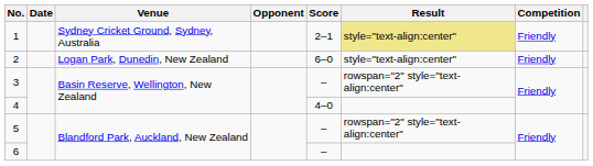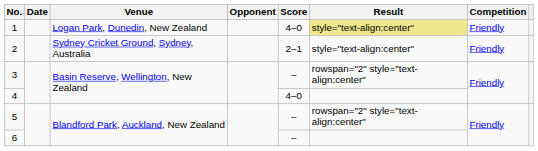 <table class="wikitable sortable">
 <tr>
 <th scope="col">No.</th>
 <th scope="col">Date</th>
 <th scope="col">Venue</th>
 <th scope="col">Opponent</th>
 <th scope="col">Score</th>
 <th scope="col">Result</th>
 <th scope="col">Competition</th>
 <th scope="col" class="unsortable"></th>
 </tr>
 <tr>
 <td style="text-align:center">1</td>
 <td></td>
-<td><a href='#'>Sydney Cricket Ground</a>, <a href='#'>Sydney</a>, Australia</td>
+<td><a href='#'>Logan Park</a>, <a href='#'>Dunedin</a>, New Zealand</td>
 <td></td>
-<td style="text-align:center">2–1</td>
+<td style="text-align:center">4–0</td>
 <td style="background: khaki;">style="text-align:center" </td>
 <td><a href='#'>Friendly</a></td>
 <td></td>
 </tr>
 <tr>
 <td style="text-align:center">2</td>
 <td></td>
-<td><a href='#'>Logan Park</a>, <a href='#'>Dunedin</a>, New Zealand</td>
+<td><a href='#'>Sydney Cricket Ground</a>, <a href='#'>Sydney</a>, Australia</td>
 <td></td>
-<td style="text-align:center">6–0</td>
+<td style="text-align:center">2–1</td>
 <td>style="text-align:center" </td>
 <td><a href='#'>Friendly</a></td>
 <td></td>
 </tr>
 <tr>
 <td style="text-align:center">3</td>
 <td rowspan="2"></td>
 <td rowspan="2"><a href='#'>Basin Reserve</a>, <a href='#'>Wellington</a>, New Zealand</td>
 <td rowspan="2"></td>
 <td style="text-align:center">–</td>
 <td>rowspan="2" style="text-align:center" </td>
 <td rowspan="2"><a href='#'>Friendly</a></td>
 <td rowspan="2"></td>
 </tr>
 <tr>
 <td style="text-align:center">4</td>
 <td style="text-align:center">4–0</td>
 </tr>
 <tr>
 <td style="text-align:center">5</td>
 <td rowspan="2"></td>
 <td rowspan="2"><a href='#'>Blandford Park</a>, <a href='#'>Auckland</a>, New Zealand</td>
 <td rowspan="2"></td>
 <td style="text-align:center">–</td>
 <td>rowspan="2" style="text-align:center" </td>
 <td rowspan="2"><a href='#'>Friendly</a></td>
 <td rowspan="2"></td>
 </tr>
 <tr>
 <td style="text-align:center">6</td>
 <td style="text-align:center">–</td>
 </tr>
 </table>
